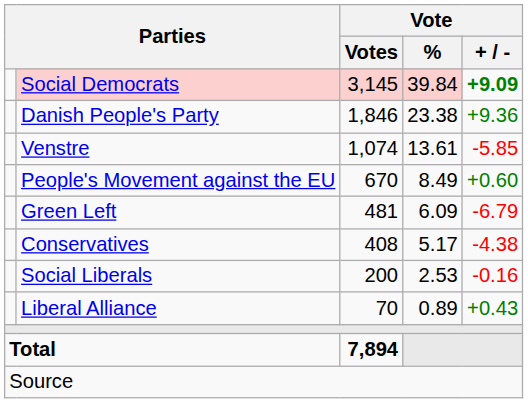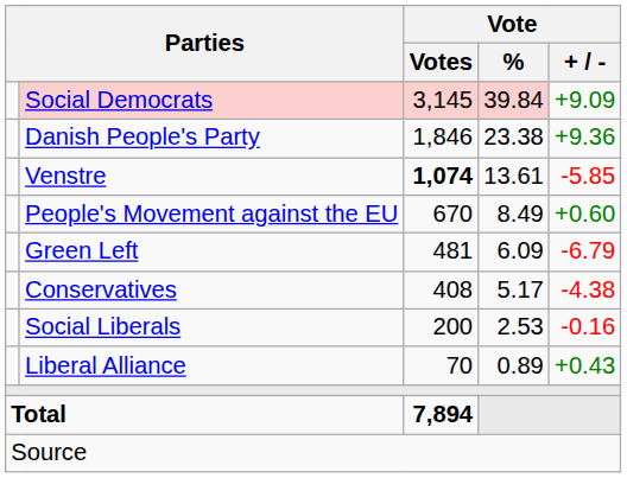 <table class="wikitable" style="text-align:right;">
 <tr>
 <th style="text-align:centre;" rowspan="2" colspan="2" width="225">Parties</th>
 <th colspan="3">Vote</th>
 </tr>
 <tr>
 <th width="15">Votes</th>
 <th width="15">%</th>
 <th width="15">+ / -</th>
 </tr>
 <tr>
 <td width="2" style="color:inherit;background:"></td>
 <td bgcolor=#fbd0ce   align="left"><a href='#'>Social Democrats</a></td>
 <td bgcolor=#fbd0ce>3,145</td>
 <td bgcolor=#fbd0ce>39.84</td>
-<td style=color:green;><strong>+9.09</strong></td>
+<td style=color:green;>+9.09</td>
 </tr>
 <tr>
 <td width="2" style="color:inherit;background:"></td>
 <td align="left"><a href='#'>Danish People's Party</a></td>
 <td>1,846</td>
 <td>23.38</td>
 <td style=color:green;>+9.36</td>
 </tr>
 <tr>
 <td width="2" style="color:inherit;background:"></td>
 <td align="left"><a href='#'>Venstre</a></td>
-<td>1,074</td>
+<td><strong>1,074</strong></td>
 <td>13.61</td>
 <td style=color:red;>-5.85</td>
 </tr>
 <tr>
 <td width="2" style="color:inherit;background:"></td>
 <td align="left"><a href='#'>People's Movement against the EU</a></td>
 <td>670</td>
 <td>8.49</td>
 <td style=color:green;>+0.60</td>
 </tr>
 <tr>
 <td width="2" style="color:inherit;background:"></td>
 <td align="left"><a href='#'>Green Left</a></td>
 <td>481</td>
 <td>6.09</td>
 <td style=color:red;>-6.79</td>
 </tr>
 <tr>
 <td width="2" style="color:inherit;background:"></td>
 <td align="left"><a href='#'>Conservatives</a></td>
 <td>408</td>
 <td>5.17</td>
 <td style=color:red;>-4.38</td>
 </tr>
 <tr>
 <td width="2" style="color:inherit;background:"></td>
 <td align="left"><a href='#'>Social Liberals</a></td>
 <td>200</td>
 <td>2.53</td>
 <td style=color:red;>-0.16</td>
 </tr>
 <tr>
 <td width="2" style="color:inherit;background:"></td>
 <td align="left"><a href='#'>Liberal Alliance</a></td>
 <td>70</td>
 <td>0.89</td>
 <td style=color:green;>+0.43</td>
 </tr>
 <tr>
 <td colspan="7" bgcolor="#E9E9E9"></td>
 </tr>
 <tr>
 <td align="left" colspan="2"><strong>Total</strong></td>
 <td><strong>7,894</strong></td>
 <td bgcolor="#E9E9E9" colspan="2"></td>
 </tr>
 <tr>
 <td align="left" colspan="6">Source</td>
 </tr>
 </table>
